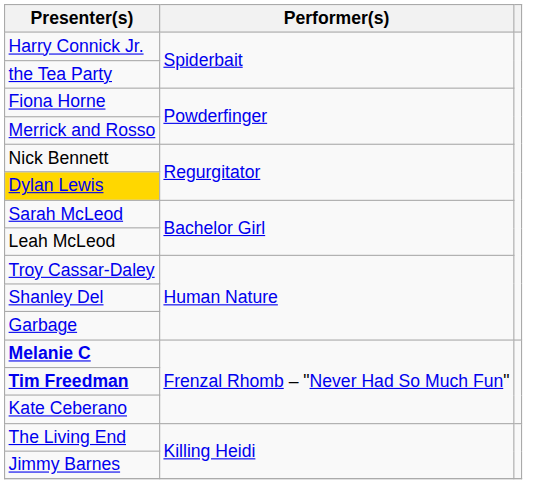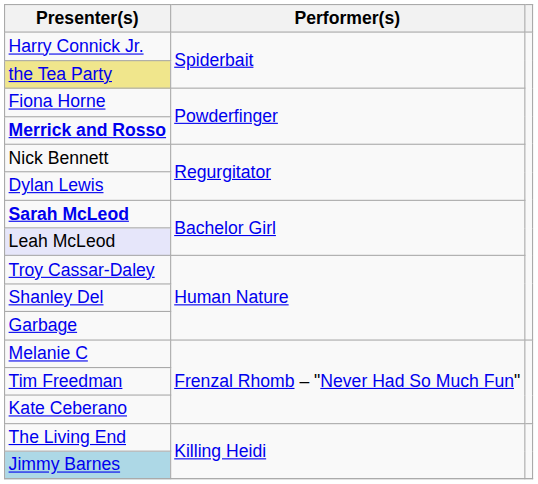 <table class="wikitable plainrowheaders">
 <tr>
 <th scope="col">Presenter(s)</th>
 <th scope="col">Performer(s)</th>
 <th scope="col"></th>
 </tr>
 <tr>
 <td><a href='#'>Harry Connick Jr.</a></td>
 <td rowspan="2"><a href='#'>Spiderbait</a></td>
 <td rowspan="11"></td>
 </tr>
 <tr>
-<td><a href='#'>the Tea Party</a></td>
+<td style="background: khaki;"><a href='#'>the Tea Party</a></td>
 </tr>
 <tr>
 <td><a href='#'>Fiona Horne</a></td>
 <td rowspan="2"><a href='#'>Powderfinger</a></td>
 </tr>
 <tr>
-<td><a href='#'>Merrick and Rosso</a></td>
+<td><strong><a href='#'>Merrick and Rosso</a></strong></td>
 </tr>
 <tr>
 <td>Nick Bennett</td>
 <td rowspan="2"><a href='#'>Regurgitator</a></td>
 </tr>
 <tr>
-<td style="background: gold;"><a href='#'>Dylan Lewis</a></td>
+<td><a href='#'>Dylan Lewis</a></td>
 </tr>
 <tr>
-<td><a href='#'>Sarah McLeod</a></td>
+<td><strong><a href='#'>Sarah McLeod</a></strong></td>
 <td rowspan="2"><a href='#'>Bachelor Girl</a></td>
 </tr>
 <tr>
-<td>Leah McLeod</td>
+<td style="background: lavender;">Leah McLeod</td>
 </tr>
 <tr>
 <td><a href='#'>Troy Cassar-Daley</a></td>
 <td rowspan="3"><a href='#'>Human Nature</a></td>
 </tr>
 <tr>
 <td><a href='#'>Shanley Del</a></td>
 </tr>
 <tr>
 <td><a href='#'>Garbage</a></td>
 </tr>
 <tr>
-<td><strong><a href='#'>Melanie C</a></strong></td>
+<td><a href='#'>Melanie C</a></td>
 <td rowspan="3"><a href='#'>Frenzal Rhomb</a> – "<a href='#'>Never Had So Much Fun</a>"</td>
 <td rowspan="3"></td>
 </tr>
 <tr>
-<td><strong><a href='#'>Tim Freedman</a></strong></td>
+<td><a href='#'>Tim Freedman</a></td>
 </tr>
 <tr>
 <td><a href='#'>Kate Ceberano</a></td>
 </tr>
 <tr>
 <td><a href='#'>The Living End</a></td>
 <td rowspan="2"><a href='#'>Killing Heidi</a></td>
 <td rowspan="2"></td>
 </tr>
 <tr>
-<td><a href='#'>Jimmy Barnes</a></td>
+<td style="background: lightblue;"><a href='#'>Jimmy Barnes</a></td>
 </tr>
 <tr>
 </tr>
 </table>
